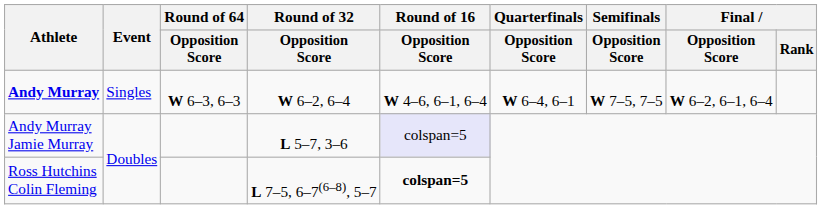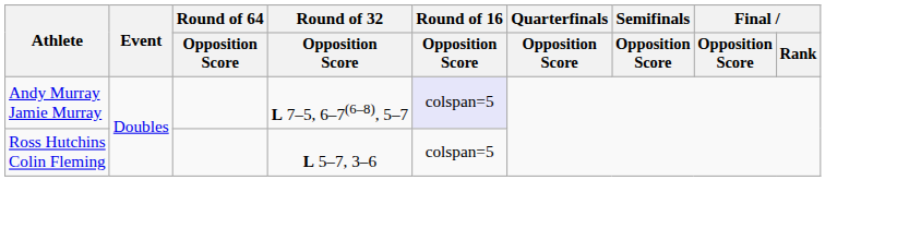 <table class=wikitable style="text-align:center; font-size:90%">
 <tr>
 <th rowspan="2">Athlete</th>
 <th rowspan="2">Event</th>
 <th>Round of 64</th>
 <th>Round of 32</th>
 <th>Round of 16</th>
 <th>Quarterfinals</th>
 <th>Semifinals</th>
 <th colspan=2>Final / </th>
 </tr>
 <tr style="font-size:95%">
 <th>Opposition<br>Score</th>
 <th>Opposition<br>Score</th>
 <th>Opposition<br>Score</th>
 <th>Opposition<br>Score</th>
 <th>Opposition<br>Score</th>
 <th>Opposition<br>Score</th>
 <th>Rank</th>
 </tr>
 <tr>
-<td style="text-align:left;"><strong><a href='#'>Andy Murray</a></strong></td>
-<td style="text-align:left;"><a href='#'>Singles</a></td>
-<td><br><strong>W</strong> 6–3, 6–3</td>
-<td><br><strong>W</strong> 6–2, 6–4</td>
-<td><br><strong>W</strong> 4–6, 6–1, 6–4</td>
-<td><br><strong>W</strong> 6–4, 6–1</td>
-<td><br><strong>W</strong> 7–5, 7–5</td>
-<td><br><strong>W</strong> 6–2, 6–1, 6–4</td>
-<td></td>
-</tr>
-<tr>
 <td style="text-align:left;"><a href='#'>Andy Murray</a><br><a href='#'>Jamie Murray</a></td>
 <td style="text-align:left;" rowspan="2"><a href='#'>Doubles</a></td>
 <td></td>
-<td><br><strong>L</strong> 5–7, 3–6</td>
+<td><br><strong>L</strong> 7–5, 6–7<sup>(6–8)</sup>, 5–7</td>
 <td style="background: lavender;">colspan=5 </td>
 </tr>
 <tr>
 <td style="text-align:left;"><a href='#'>Ross Hutchins</a><br><a href='#'>Colin Fleming</a></td>
 <td></td>
-<td><br><strong>L</strong> 7–5, 6–7<sup>(6–8)</sup>, 5–7</td>
-<td><strong>colspan=5 </strong></td>
+<td><br><strong>L</strong> 5–7, 3–6</td>
+<td>colspan=5 </td>
 </tr>
 </table>
